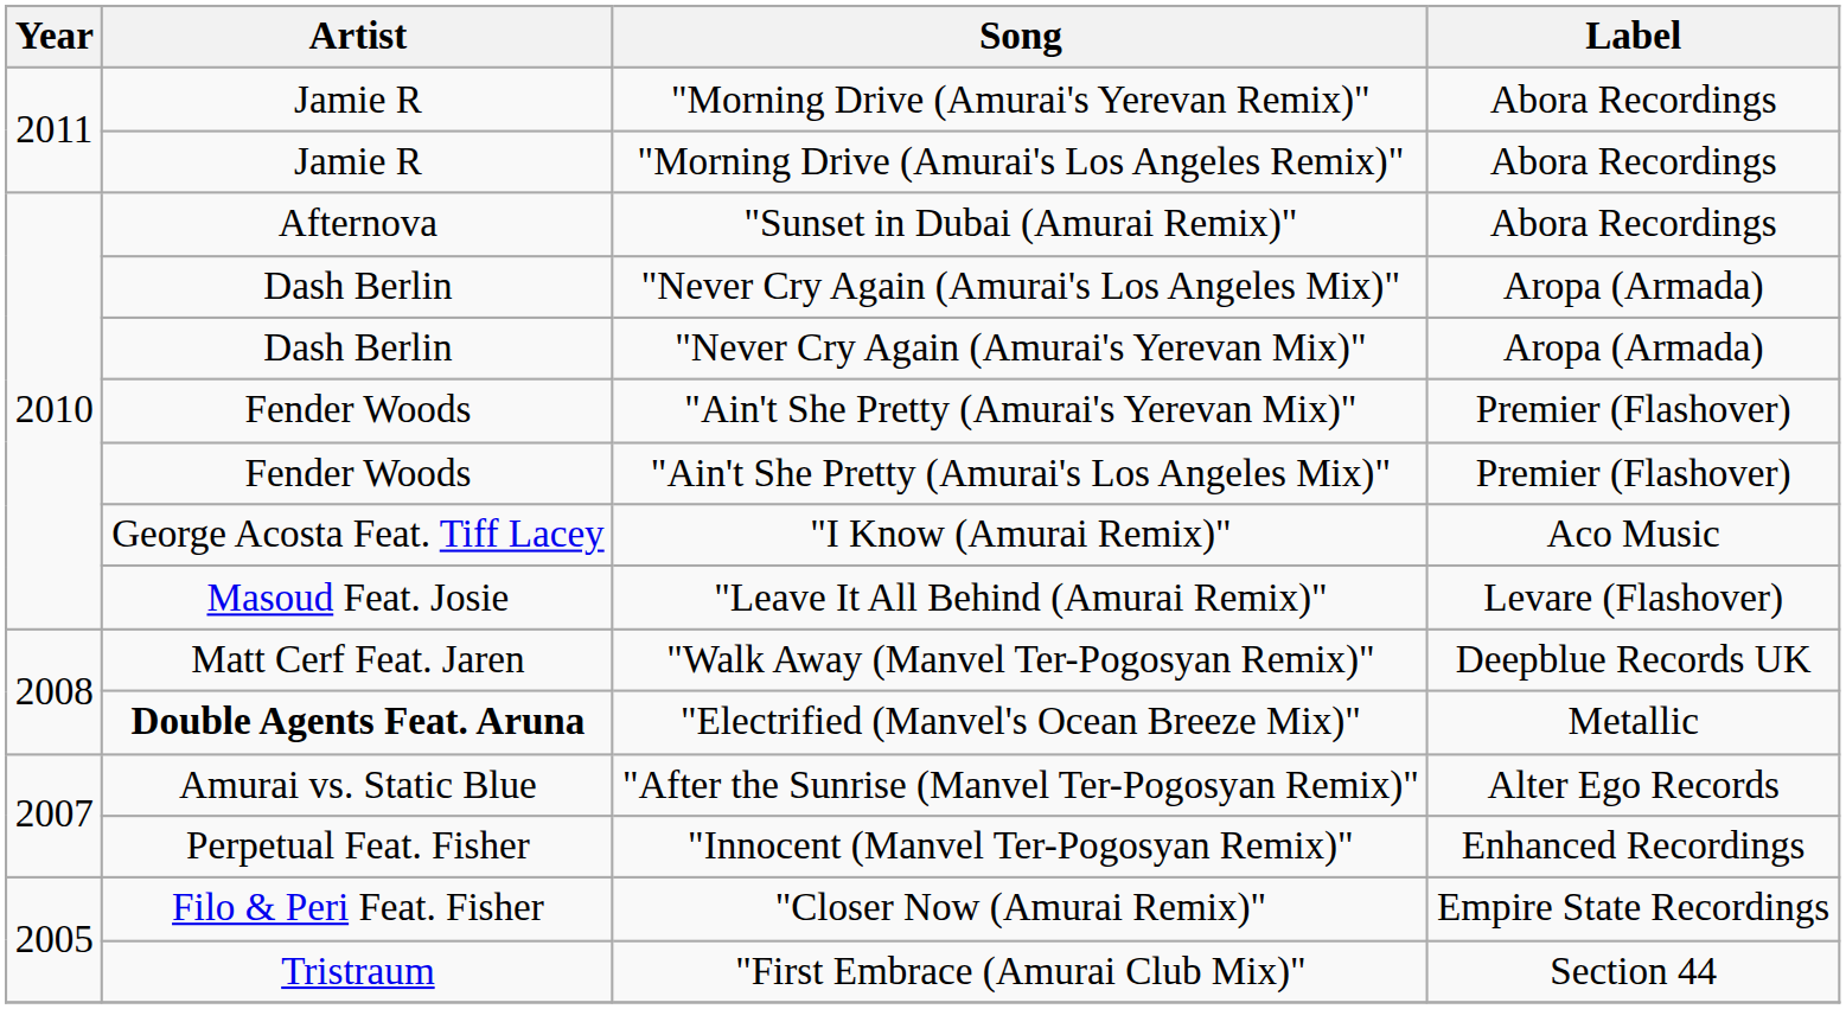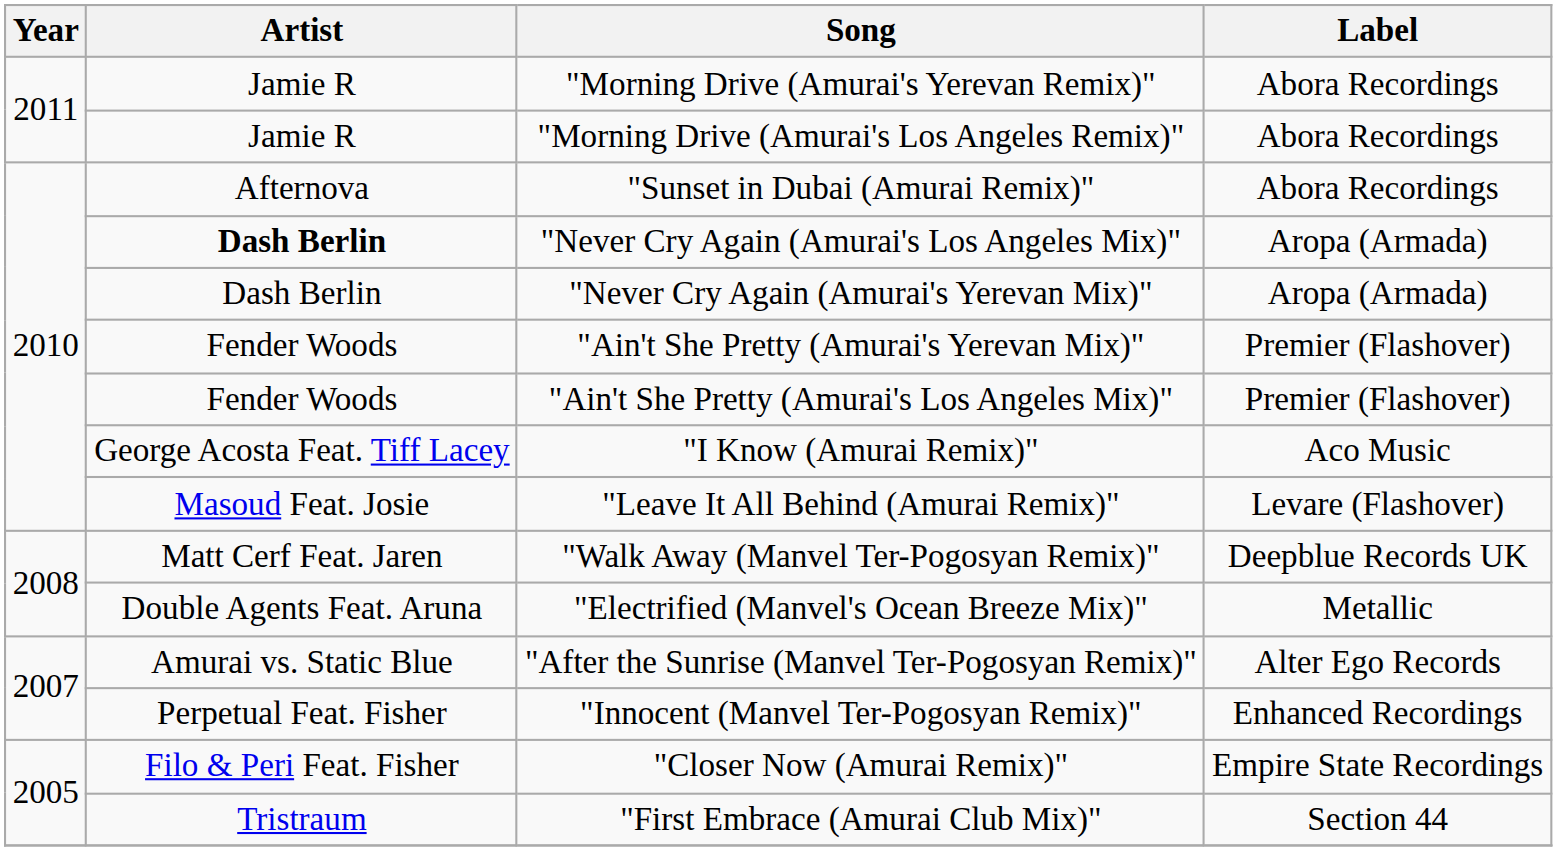 <table class="wikitable" style="text-align:center">
 <tr>
 <th align="center">Year</th>
 <th>Artist</th>
 <th>Song</th>
 <th align="center">Label</th>
 </tr>
 <tr>
 <td rowspan="2">2011</td>
 <td>Jamie R</td>
 <td>"Morning Drive (Amurai's Yerevan Remix)"</td>
 <td>Abora Recordings</td>
 </tr>
 <tr>
 <td>Jamie R</td>
 <td>"Morning Drive (Amurai's Los Angeles Remix)"</td>
 <td>Abora Recordings</td>
 </tr>
 <tr>
 <td rowspan="7">2010</td>
 <td>Afternova</td>
 <td>"Sunset in Dubai (Amurai Remix)"</td>
 <td>Abora Recordings</td>
 </tr>
 <tr>
-<td>Dash Berlin</td>
+<td><strong>Dash Berlin</strong></td>
 <td>"Never Cry Again (Amurai's Los Angeles Mix)"</td>
 <td>Aropa (Armada)</td>
 </tr>
 <tr>
 <td>Dash Berlin</td>
 <td>"Never Cry Again (Amurai's Yerevan Mix)"</td>
 <td>Aropa (Armada)</td>
 </tr>
 <tr>
 <td>Fender Woods</td>
 <td>"Ain't She Pretty (Amurai's Yerevan Mix)"</td>
 <td>Premier (Flashover)</td>
 </tr>
 <tr>
 <td>Fender Woods</td>
 <td>"Ain't She Pretty (Amurai's Los Angeles Mix)"</td>
 <td>Premier (Flashover)</td>
 </tr>
 <tr>
 <td>George Acosta Feat. <a href='#'>Tiff Lacey</a></td>
 <td>"I Know (Amurai Remix)"</td>
 <td>Aco Music</td>
 </tr>
 <tr>
 <td><a href='#'>Masoud</a> Feat. Josie</td>
 <td>"Leave It All Behind (Amurai Remix)"</td>
 <td>Levare (Flashover)</td>
 </tr>
 <tr>
 <td rowspan="2">2008</td>
 <td>Matt Cerf Feat. Jaren</td>
 <td>"Walk Away (Manvel Ter-Pogosyan Remix)"</td>
 <td>Deepblue Records UK</td>
 </tr>
 <tr>
-<td><strong>Double Agents Feat. Aruna</strong></td>
+<td>Double Agents Feat. Aruna</td>
 <td>"Electrified (Manvel's Ocean Breeze Mix)"</td>
 <td>Metallic</td>
 </tr>
 <tr>
 <td rowspan="2">2007</td>
 <td>Amurai vs. Static Blue</td>
 <td>"After the Sunrise (Manvel Ter-Pogosyan Remix)"</td>
 <td>Alter Ego Records</td>
 </tr>
 <tr>
 <td>Perpetual Feat. Fisher</td>
 <td>"Innocent (Manvel Ter-Pogosyan Remix)"</td>
 <td>Enhanced Recordings</td>
 </tr>
 <tr>
 <td rowspan="2">2005</td>
 <td><a href='#'>Filo & Peri</a> Feat. Fisher</td>
 <td>"Closer Now (Amurai Remix)"</td>
 <td>Empire State Recordings</td>
 </tr>
 <tr>
 <td><a href='#'>Tristraum</a></td>
 <td>"First Embrace (Amurai Club Mix)"</td>
 <td>Section 44</td>
 </tr>
 <tr>
 </tr>
 </table>
